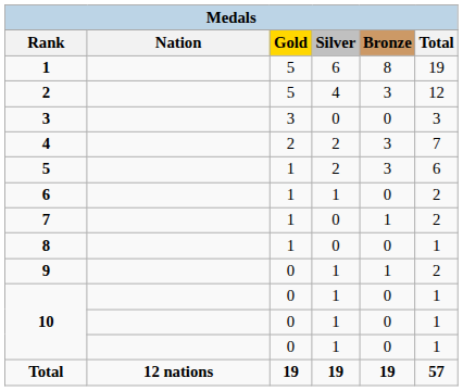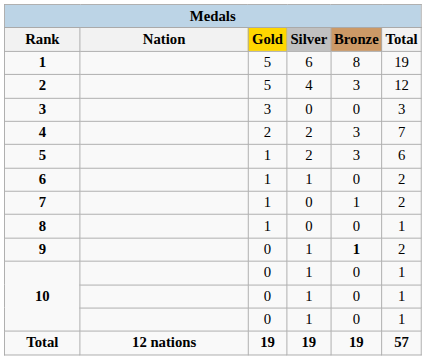 <table class="wikitable" style="text-align:center">
 <tr>
 <td colspan="6" style="background:#BCD4E6"><strong>Medals</strong></td>
 </tr>
 <tr>
 </tr>
 <tr style="background-color:#EDEDED;">
 <th width="75px" class="hintergrundfarbe5">Rank</th>
 <th width="175px" class="hintergrundfarbe6">Nation</th>
 <th style="background:    gold; width:35px ">Gold</th>
 <th style="background:  silver; width:35px ">Silver</th>
 <th style="background: #CC9966; width:35px ">Bronze</th>
 <th width="35px">Total</th>
 </tr>
 <tr>
 <td><strong>1</strong></td>
 <td align="left"></td>
 <td>5</td>
 <td>6</td>
 <td>8</td>
 <td>19</td>
 </tr>
 <tr>
 <td><strong>2</strong></td>
 <td align="left"></td>
 <td>5</td>
 <td>4</td>
 <td>3</td>
 <td>12</td>
 </tr>
 <tr>
 <td><strong>3</strong></td>
 <td align="left"></td>
 <td>3</td>
 <td>0</td>
 <td>0</td>
 <td>3</td>
 </tr>
 <tr>
 <td><strong>4</strong></td>
 <td align="left"></td>
 <td>2</td>
 <td>2</td>
 <td>3</td>
 <td>7</td>
 </tr>
 <tr>
 <td><strong>5</strong></td>
 <td align="left"></td>
 <td>1</td>
 <td>2</td>
 <td>3</td>
 <td>6</td>
 </tr>
 <tr>
 <td><strong>6</strong></td>
 <td align="left"></td>
 <td>1</td>
 <td>1</td>
 <td>0</td>
 <td>2</td>
 </tr>
 <tr>
 <td><strong>7</strong></td>
 <td align="left"></td>
 <td>1</td>
 <td>0</td>
 <td>1</td>
 <td>2</td>
 </tr>
 <tr>
 <td><strong>8</strong></td>
 <td align="left"></td>
 <td>1</td>
 <td>0</td>
 <td>0</td>
 <td>1</td>
 </tr>
 <tr>
 <td><strong>9</strong></td>
 <td align="left"></td>
 <td>0</td>
 <td>1</td>
-<td>1</td>
+<td><strong>1</strong></td>
 <td>2</td>
 </tr>
 <tr>
 <td rowspan="3"><strong>10</strong></td>
 <td align="left"></td>
 <td>0</td>
 <td>1</td>
 <td>0</td>
 <td>1</td>
 </tr>
 <tr>
 <td align="left"></td>
 <td>0</td>
 <td>1</td>
 <td>0</td>
 <td>1</td>
 </tr>
 <tr>
 <td align="left"><em></em></td>
 <td>0</td>
 <td>1</td>
 <td>0</td>
 <td>1</td>
 </tr>
 <tr>
 <td><strong>Total</strong></td>
 <td><strong>12 nations</strong></td>
 <td><strong>19</strong></td>
 <td><strong>19</strong></td>
 <td><strong>19</strong></td>
 <td><strong>57</strong></td>
 </tr>
 </table>
